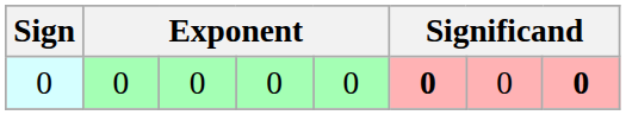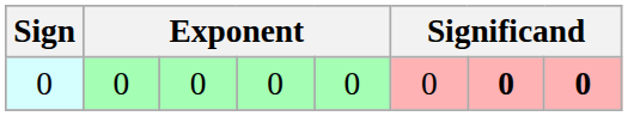 <table class="wikitable" style="text-align: center">
 <tr>
 <th width=12.5%>Sign</th>
 <th width=50% colspan="4">Exponent</th>
 <th width=37.5% colspan="3">Significand</th>
 </tr>
 <tr>
 <td style="background: #d5ffff">0</td>
 <td style="background: #a4ffb4">0</td>
 <td style="background: #a4ffb4">0</td>
 <td style="background: #a4ffb4">0</td>
 <td style="background: #a4ffb4">0</td>
+<td style="background: #ffb2b4">0</td>
 <td style="background: #ffb2b4"><strong>0</strong></td>
-<td style="background: #ffb2b4">0</td>
 <td style="background: #ffb2b4"><strong>0</strong></td>
 </tr>
 </table>
